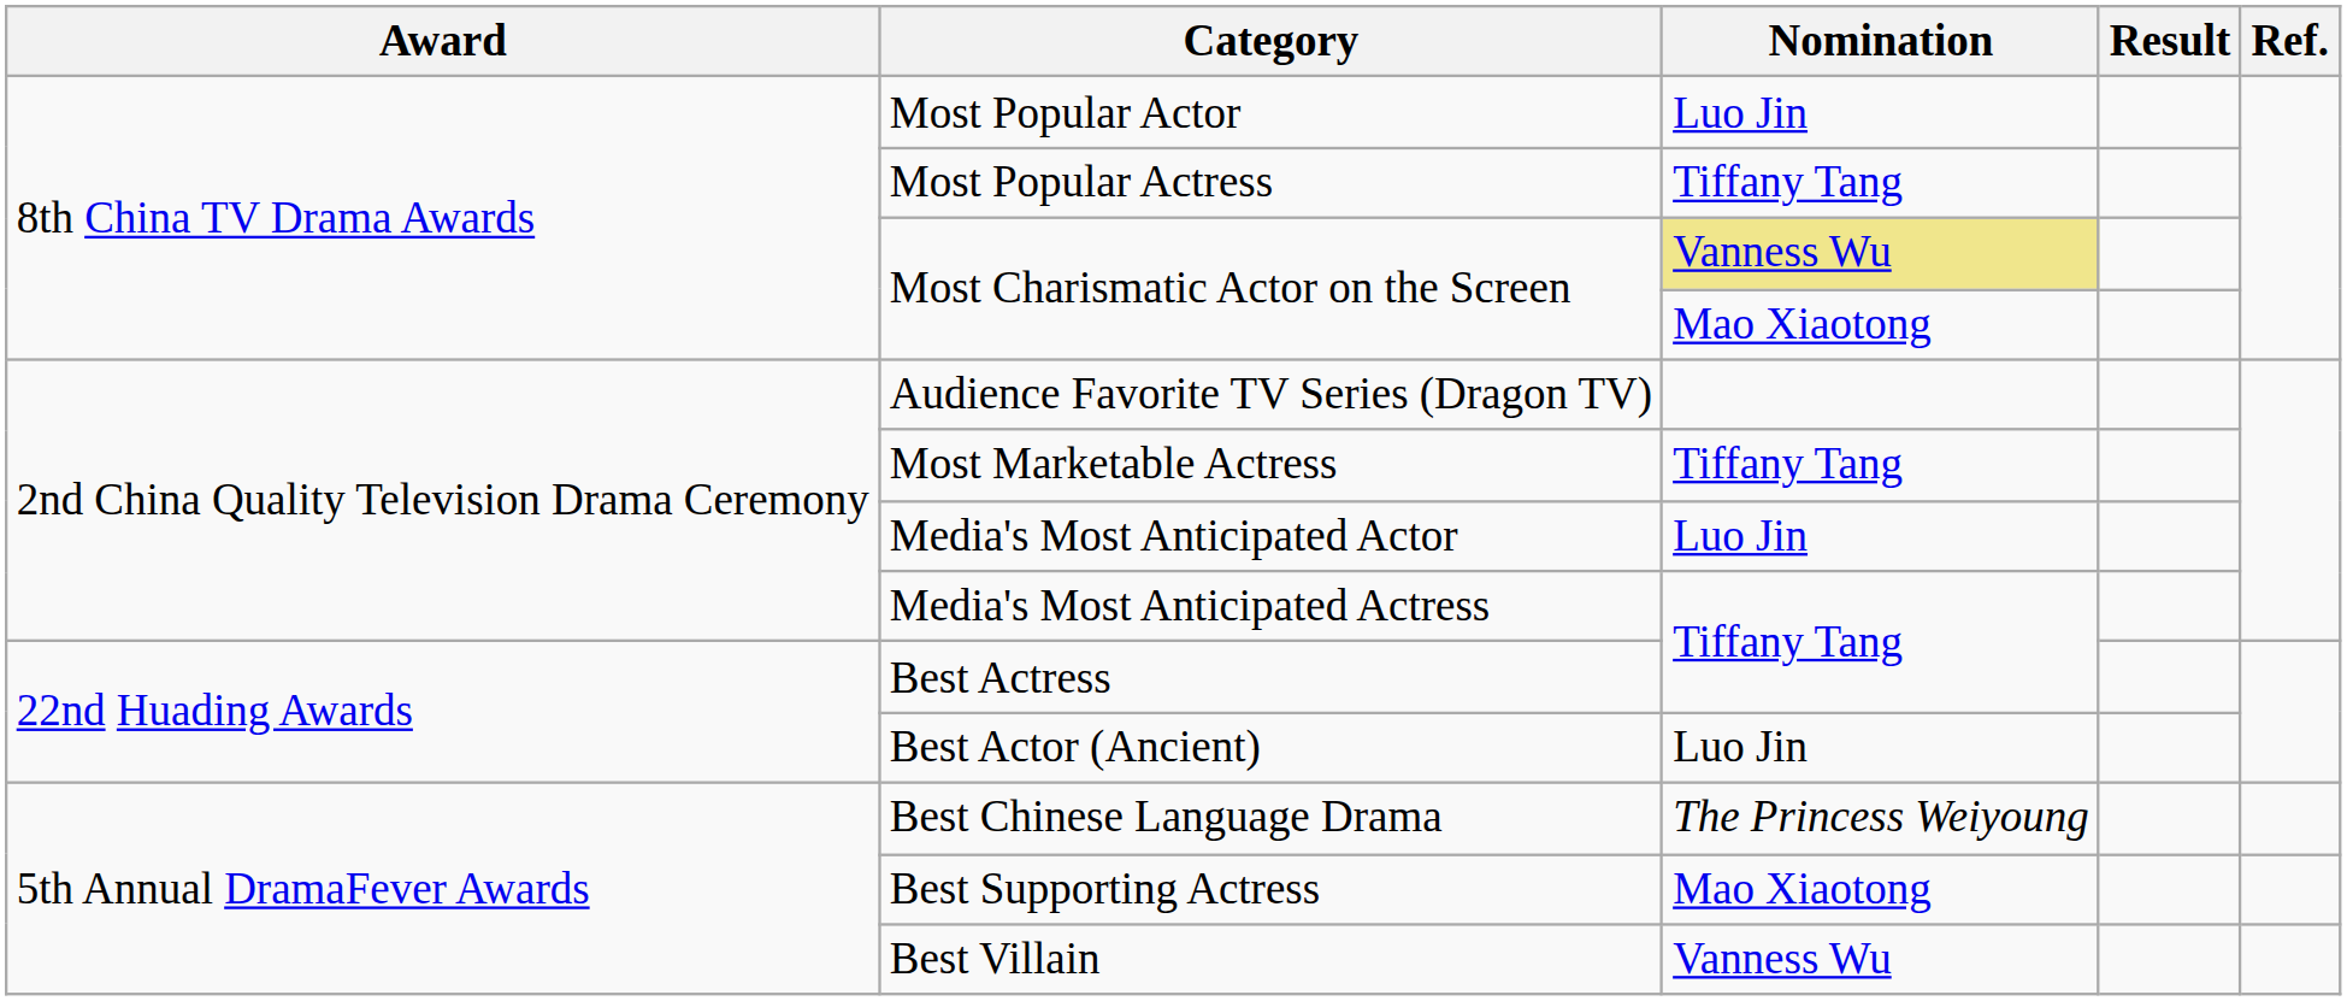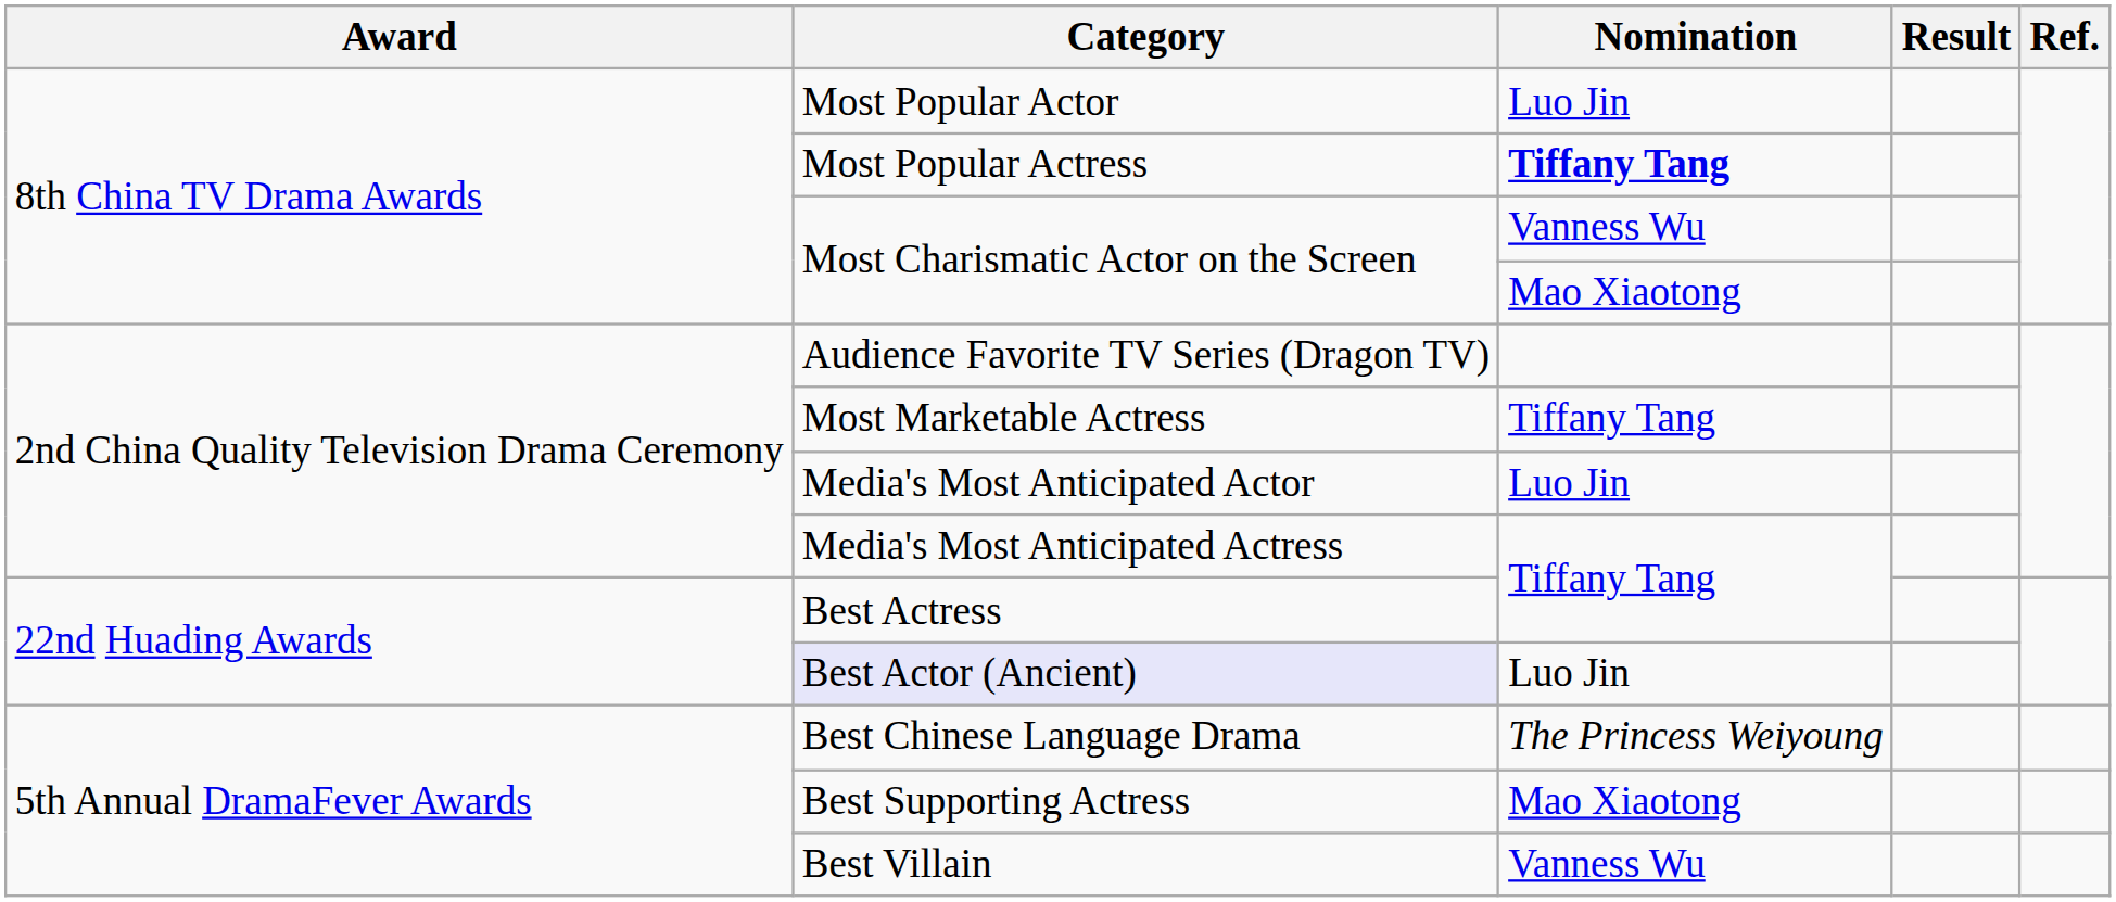 <table class="wikitable">
 <tr>
 <th>Award</th>
 <th>Category</th>
 <th>Nomination</th>
 <th>Result</th>
 <th>Ref.</th>
 </tr>
 <tr>
 <td rowspan=4>8th <a href='#'>China TV Drama Awards</a></td>
 <td>Most Popular Actor</td>
 <td><a href='#'>Luo Jin</a></td>
 <td></td>
 <td rowspan=4></td>
 </tr>
 <tr>
 <td>Most Popular Actress</td>
-<td><a href='#'>Tiffany Tang</a></td>
+<td><strong><a href='#'>Tiffany Tang</a></strong></td>
 <td></td>
 </tr>
 <tr>
 <td rowspan=2>Most Charismatic Actor on the Screen</td>
-<td style="background: khaki;"><a href='#'>Vanness Wu</a></td>
+<td><a href='#'>Vanness Wu</a></td>
 <td></td>
 </tr>
 <tr>
 <td><a href='#'>Mao Xiaotong</a></td>
 <td></td>
 </tr>
 <tr>
 <td rowspan=4>2nd China Quality Television Drama Ceremony</td>
 <td>Audience Favorite TV Series (Dragon TV)</td>
 <td></td>
 <td></td>
 <td rowspan=4></td>
 </tr>
 <tr>
 <td>Most Marketable Actress</td>
 <td><a href='#'>Tiffany Tang</a></td>
 <td></td>
 </tr>
 <tr>
 <td>Media's Most Anticipated Actor</td>
 <td><a href='#'>Luo Jin</a></td>
 <td></td>
 </tr>
 <tr>
 <td>Media's Most Anticipated Actress</td>
 <td rowspan="2"><a href='#'>Tiffany Tang</a></td>
 <td></td>
 </tr>
 <tr>
 <td rowspan=2><a href='#'>22nd</a> <a href='#'>Huading Awards</a></td>
 <td>Best Actress</td>
 <td></td>
 <td rowspan=2></td>
 </tr>
 <tr>
-<td>Best Actor (Ancient)</td>
+<td style="background: lavender;">Best Actor (Ancient)</td>
 <td>Luo Jin</td>
 <td></td>
 </tr>
 <tr>
 <td rowspan="3">5th Annual <a href='#'>DramaFever Awards</a></td>
 <td>Best Chinese Language Drama</td>
 <td><em>The Princess Weiyoung</em></td>
 <td></td>
 <td></td>
 </tr>
 <tr>
 <td>Best Supporting Actress</td>
 <td><a href='#'>Mao Xiaotong</a></td>
 <td></td>
 <td></td>
 </tr>
 <tr>
 <td>Best Villain</td>
 <td><a href='#'>Vanness Wu</a></td>
 <td></td>
 <td></td>
 </tr>
 </table>
